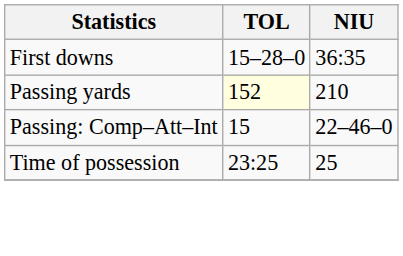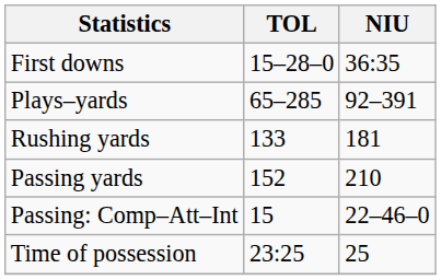 <table class="wikitable" style="float: left;">
 <tr>
 <th>Statistics</th>
 <th>TOL</th>
 <th>NIU</th>
 </tr>
 <tr>
 <td>First downs</td>
 <td>15–28–0</td>
 <td>36:35</td>
 </tr>
 <tr>
+<td>Plays–yards</td>
+<td>65–285</td>
+<td>92–391</td>
+</tr>
+<tr>
+<td>Rushing yards</td>
+<td>133</td>
+<td>181</td>
+</tr>
+<tr>
 <td>Passing yards</td>
-<td style="background: lightyellow;">152</td>
+<td>152</td>
 <td>210</td>
 </tr>
 <tr>
 <td>Passing: Comp–Att–Int</td>
 <td>15</td>
 <td>22–46–0</td>
 </tr>
 <tr>
 <td>Time of possession</td>
 <td>23:25</td>
 <td>25</td>
 </tr>
 <tr>
 </tr>
 </table>
